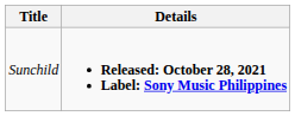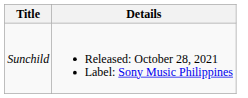 <table class="wikitable">
 <tr>
 <th scope="col">Title</th>
 <th scope="col">Details</th>
 </tr>
 <tr>
 <td><em>Sunchild</em></td>
-<td><strong><br><ul><li>Released: October 28, 2021</li><li>Label: <a href='#'>Sony Music Philippines</a></li></ul></strong></td>
+<td><br><ul><li>Released: October 28, 2021</li><li>Label: <a href='#'>Sony Music Philippines</a></li></ul></td>
 </tr>
 </table>
